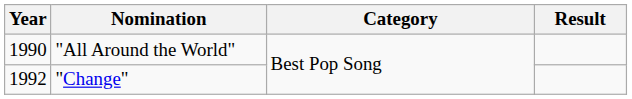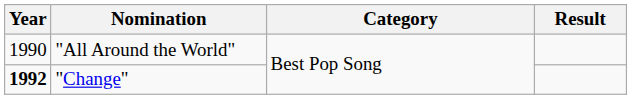 <table class="wikitable">
 <tr>
 <th width="30">Year</th>
 <th width="175">Nomination</th>
 <th width="220">Category</th>
 <th width="70">Result</th>
 </tr>
 <tr>
 <td>1990</td>
 <td>"All Around the World"</td>
 <td rowspan="2">Best Pop Song</td>
 <td></td>
 </tr>
 <tr>
-<td>1992</td>
+<td><strong>1992</strong></td>
 <td>"<a href='#'>Change</a>"</td>
 <td></td>
 </tr>
 </table>
